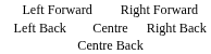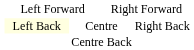 <table style="font-size:100%; text-align:center;">
 <tr>
 <td colspan="2">Left Forward</td>
 <td colspan="2">Right Forward</td>
 </tr>
 <tr>
-<td>Left Back</td>
+<td style="background: lightyellow;">Left Back</td>
 <td colspan="2">Centre</td>
 <td>Right Back</td>
 </tr>
 <tr>
 <td></td>
 <td colspan="2">Centre Back</td>
 <td></td>
 </tr>
 </table>
